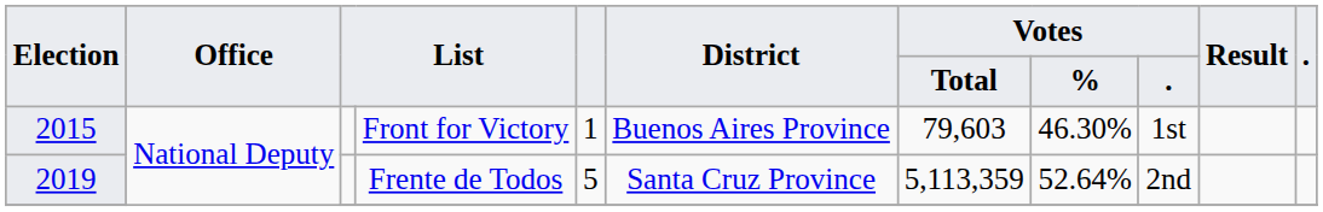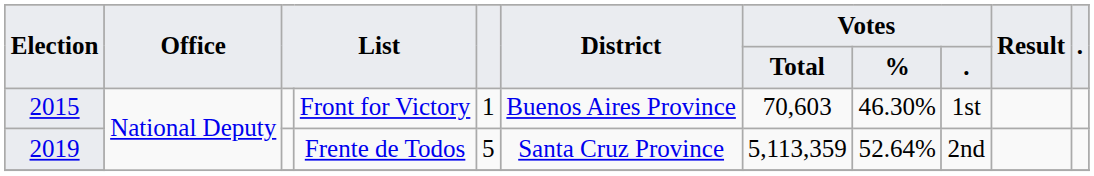 <table class="wikitable" style="font-size:90%; text-align:center;">
 <tr>
 <th style="background-color:#EAECF0;" rowspan=2>Election</th>
 <th style="background-color:#EAECF0;" rowspan=2>Office</th>
 <th style="background-color:#EAECF0;" colspan=2 rowspan=2>List</th>
 <th style="background-color:#EAECF0;" rowspan=2></th>
 <th style="background-color:#EAECF0;" rowspan=2>District</th>
 <th style="background-color:#EAECF0;" colspan=3>Votes</th>
 <th style="background-color:#EAECF0;" rowspan=2>Result</th>
 <th style="background-color:#EAECF0;" rowspan=2>.</th>
 </tr>
 <tr>
 <th style="background-color:#EAECF0;">Total</th>
 <th style="background-color:#EAECF0;">%</th>
 <th style="background-color:#EAECF0;">.</th>
 </tr>
 <tr>
 <td style="background-color:#EAECF0;"><a href='#'>2015</a></td>
 <td rowspan="3"><a href='#'>National Deputy</a></td>
 <td style="background-color:"></td>
 <td><a href='#'>Front for Victory</a></td>
 <td>1</td>
 <td><a href='#'>Buenos Aires Province</a></td>
-<td>79,603</td>
+<td>70,603</td>
 <td>46.30%</td>
 <td>1st</td>
 <td></td>
 <td></td>
 </tr>
 <tr>
 <td style="background-color:#EAECF0;"><a href='#'>2019</a></td>
 <td style="background-color:"></td>
 <td><a href='#'>Frente de Todos</a></td>
 <td>5</td>
 <td><a href='#'>Santa Cruz Province</a></td>
 <td>5,113,359</td>
 <td>52.64%</td>
 <td>2nd</td>
 <td></td>
 <td></td>
 </tr>
 <tr>
 </tr>
 </table>
